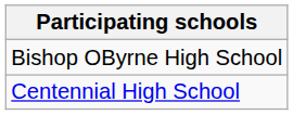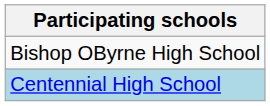 <table class="wikitable" align=right>
 <tr>
 <th>Participating schools</th>
 </tr>
 <tr>
 <td>Bishop OByrne High School</td>
 </tr>
 <tr>
-<td><a href='#'>Centennial High School</a></td>
+<td style="background: lightblue;"><a href='#'>Centennial High School</a></td>
 </tr>
 </table>
